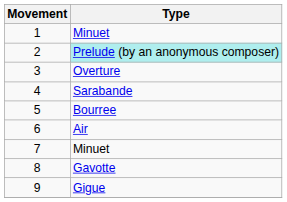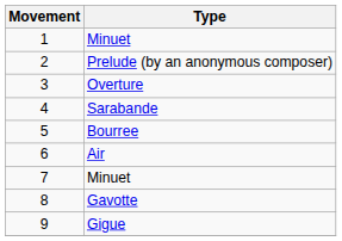 <table class="wikitable" border="1">
 <tr>
 <th bgcolor=ececec>Movement</th>
 <th bgcolor=ececec>Type</th>
 </tr>
 <tr>
 <td align="center">1</td>
 <td><a href='#'>Minuet</a></td>
 </tr>
 <tr>
 <td align="center">2</td>
-<td style="background: paleturquoise;"><a href='#'>Prelude</a> (by an anonymous composer)</td>
+<td><a href='#'>Prelude</a> (by an anonymous composer)</td>
 </tr>
 <tr>
 <td align="center">3</td>
 <td><a href='#'>Overture</a></td>
 </tr>
 <tr>
 <td align="center">4</td>
 <td><a href='#'>Sarabande</a></td>
 </tr>
 <tr>
 <td align="center">5</td>
 <td><a href='#'>Bourree</a></td>
 </tr>
 <tr>
 <td align="center">6</td>
 <td><a href='#'>Air</a></td>
 </tr>
 <tr>
 <td align="center">7</td>
 <td>Minuet</td>
 </tr>
 <tr>
 <td align="center">8</td>
 <td><a href='#'>Gavotte</a></td>
 </tr>
 <tr>
 <td align="center">9</td>
 <td><a href='#'>Gigue</a></td>
 </tr>
 <tr>
 </tr>
 </table>
